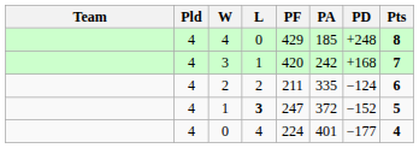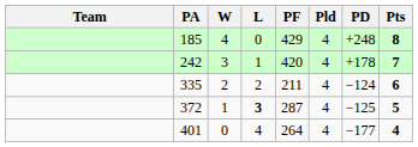 <table class=wikitable style="text-align:center">
 <tr>
 <th width=180>Team</th>
-<th width=30>Pld</th>
+<th width=30>PA</th>
 <th width=30>W</th>
 <th width=30>L</th>
 <th width=30>PF</th>
-<th width=30>PA</th>
+<th width=30>Pld</th>
 <th width=30>PD</th>
 <th width=30>Pts</th>
 </tr>
 <tr align=center bgcolor="#ccffcc">
 <td align=left></td>
-<td>4</td>
+<td>185</td>
 <td>4</td>
 <td>0</td>
 <td>429</td>
-<td>185</td>
+<td>4</td>
 <td>+248</td>
 <td><strong>8</strong></td>
 </tr>
 <tr align=center bgcolor="#ccffcc">
 <td align=left></td>
-<td>4</td>
+<td>242</td>
 <td>3</td>
 <td>1</td>
 <td>420</td>
-<td>242</td>
-<td>+168</td>
+<td>4</td>
+<td>+178</td>
 <td><strong>7</strong></td>
 </tr>
 <tr align=center>
 <td align=left></td>
-<td>4</td>
+<td>335</td>
 <td>2</td>
 <td>2</td>
 <td>211</td>
-<td>335</td>
+<td>4</td>
 <td>−124</td>
 <td><strong>6</strong></td>
 </tr>
 <tr align=center>
 <td align=left></td>
-<td>4</td>
+<td>372</td>
 <td>1</td>
 <td><strong>3</strong></td>
-<td>247</td>
-<td>372</td>
-<td>−152</td>
+<td>287</td>
+<td>4</td>
+<td>−125</td>
 <td><strong>5</strong></td>
 </tr>
 <tr align=center>
 <td align=left></td>
-<td>4</td>
+<td>401</td>
 <td>0</td>
 <td>4</td>
-<td>224</td>
-<td>401</td>
+<td>264</td>
+<td>4</td>
 <td>−177</td>
 <td><strong>4</strong></td>
 </tr>
 </table>
